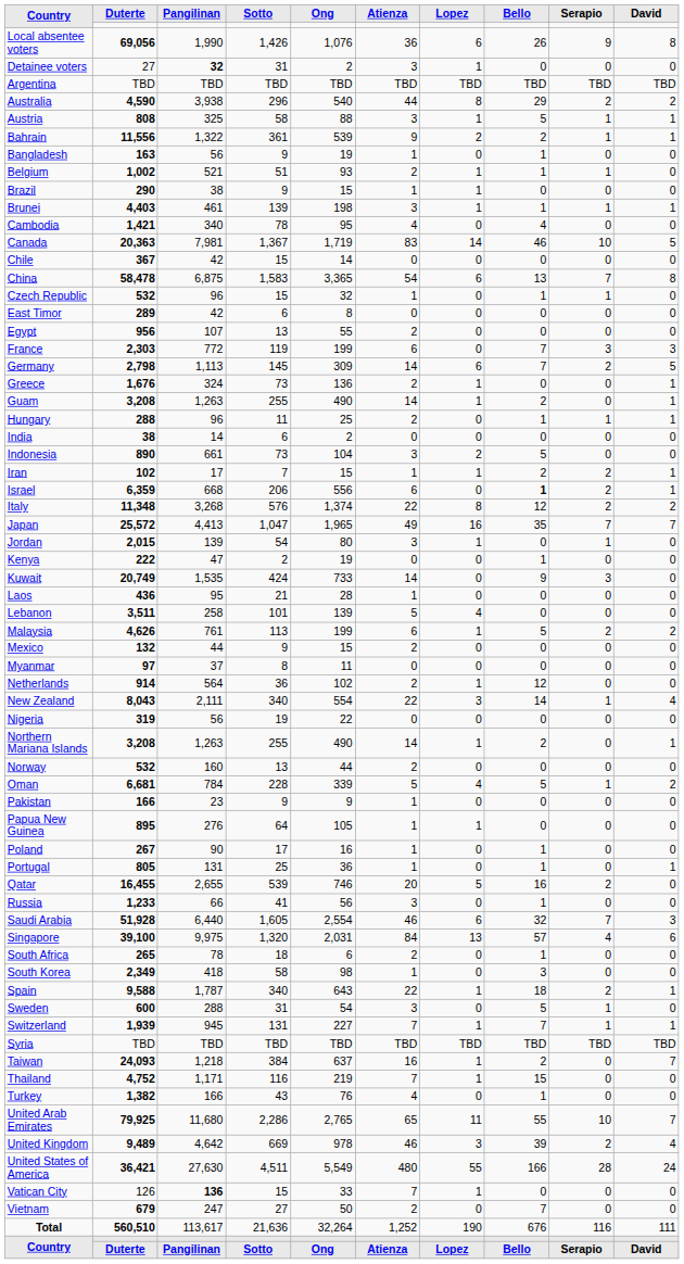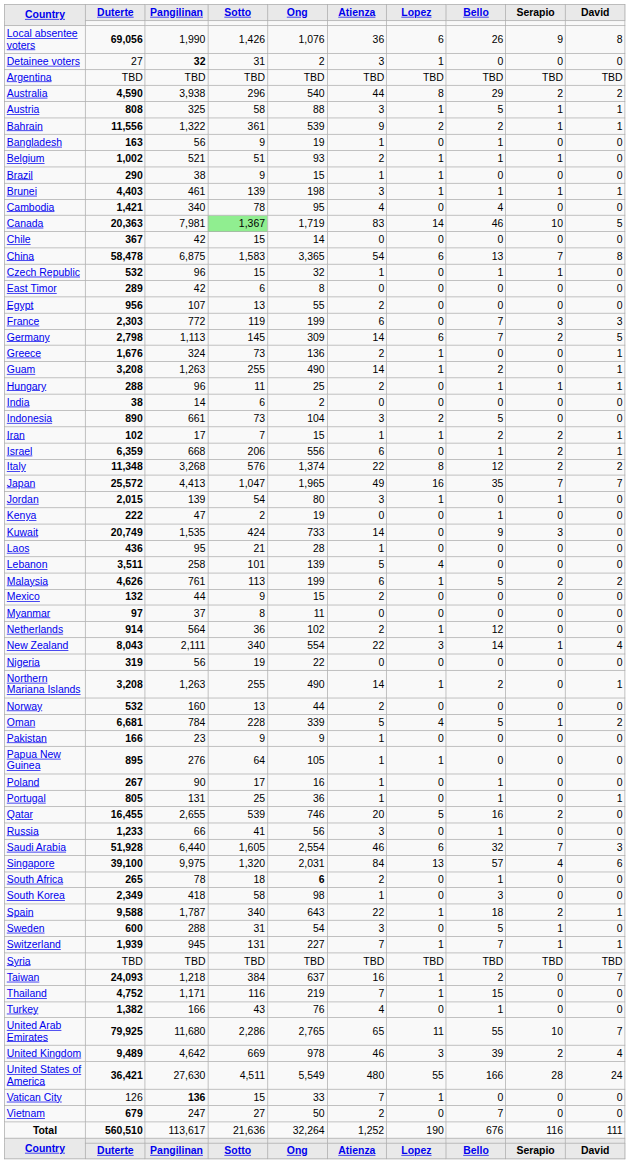 <table class="wikitable" width="99%" style="text-align:right; font-size:92%">
 <tr bgcolor="#cccccc">
 <th rowspan="2" style="background: #E9E9E9" width="12%" align="left"><a href='#'>Country</a></th>
 <th style="background: #E9E9E9" width="8.8%" align="center"><a href='#'>Duterte</a></th>
 <th style="background: #E9E9E9" width="8.8%" align="center"><a href='#'>Pangilinan</a></th>
 <th style="background: #E9E9E9" width="8.8%" align="center"><a href='#'>Sotto</a></th>
 <th style="background: #E9E9E9" width="8.8%" align="center"><a href='#'>Ong</a></th>
 <th style="background: #E9E9E9" width="8.8%" align="center"><a href='#'>Atienza</a></th>
 <th style="background: #E9E9E9" width="8.8%" align="center"><a href='#'>Lopez</a></th>
 <th style="background: #E9E9E9" width="8.8%" align="center"><a href='#'>Bello</a></th>
 <th style="background: #E9E9E9" width="8.8%" align="center">Serapio</th>
 <th style="background: #E9E9E9" width="8.8%" align="center">David</th>
 </tr>
 <tr>
 <td></td>
 <td></td>
 <td></td>
 <td></td>
 <td></td>
 <td></td>
 <td></td>
 <td></td>
 <td></td>
 </tr>
 <tr>
 <td align="left"><a href='#'>Local absentee voters</a></td>
 <td><strong>69,056</strong></td>
 <td>1,990</td>
 <td>1,426</td>
 <td>1,076</td>
 <td>36</td>
 <td>6</td>
 <td>26</td>
 <td>9</td>
 <td>8</td>
 </tr>
 <tr>
 <td align="left"><a href='#'>Detainee voters</a></td>
 <td>27</td>
 <td><strong>32</strong></td>
 <td>31</td>
 <td>2</td>
 <td>3</td>
 <td>1</td>
 <td>0</td>
 <td>0</td>
 <td>0</td>
 </tr>
 <tr>
 <td align="left"><a href='#'>Argentina</a></td>
 <td>TBD</td>
 <td>TBD</td>
 <td>TBD</td>
 <td>TBD</td>
 <td>TBD</td>
 <td>TBD</td>
 <td>TBD</td>
 <td>TBD</td>
 <td>TBD</td>
 </tr>
 <tr>
 <td align="left"><a href='#'>Australia</a></td>
 <td><strong>4,590</strong></td>
 <td>3,938</td>
 <td>296</td>
 <td>540</td>
 <td>44</td>
 <td>8</td>
 <td>29</td>
 <td>2</td>
 <td>2</td>
 </tr>
 <tr>
 <td align="left"><a href='#'>Austria</a></td>
 <td><strong>808</strong></td>
 <td>325</td>
 <td>58</td>
 <td>88</td>
 <td>3</td>
 <td>1</td>
 <td>5</td>
 <td>1</td>
 <td>1</td>
 </tr>
 <tr>
 <td align="left"><a href='#'>Bahrain</a></td>
 <td><strong>11,556</strong></td>
 <td>1,322</td>
 <td>361</td>
 <td>539</td>
 <td>9</td>
 <td>2</td>
 <td>2</td>
 <td>1</td>
 <td>1</td>
 </tr>
 <tr>
 <td align="left"><a href='#'>Bangladesh</a></td>
 <td><strong>163</strong></td>
 <td>56</td>
 <td>9</td>
 <td>19</td>
 <td>1</td>
 <td>0</td>
 <td>1</td>
 <td>0</td>
 <td>0</td>
 </tr>
 <tr>
 <td align="left"><a href='#'>Belgium</a></td>
 <td><strong>1,002</strong></td>
 <td>521</td>
 <td>51</td>
 <td>93</td>
 <td>2</td>
 <td>1</td>
 <td>1</td>
 <td>1</td>
 <td>0</td>
 </tr>
 <tr>
 <td align="left"><a href='#'>Brazil</a></td>
 <td><strong>290</strong></td>
 <td>38</td>
 <td>9</td>
 <td>15</td>
 <td>1</td>
 <td>1</td>
 <td>0</td>
 <td>0</td>
 <td>0</td>
 </tr>
 <tr>
 <td align="left"><a href='#'>Brunei</a></td>
 <td><strong>4,403</strong></td>
 <td>461</td>
 <td>139</td>
 <td>198</td>
 <td>3</td>
 <td>1</td>
 <td>1</td>
 <td>1</td>
 <td>1</td>
 </tr>
 <tr>
 <td align="left"><a href='#'>Cambodia</a></td>
 <td><strong>1,421</strong></td>
 <td>340</td>
 <td>78</td>
 <td>95</td>
 <td>4</td>
 <td>0</td>
 <td>4</td>
 <td>0</td>
 <td>0</td>
 </tr>
 <tr>
 <td align="left"><a href='#'>Canada</a></td>
 <td><strong>20,363</strong></td>
 <td>7,981</td>
-<td>1,367</td>
+<td style="background: lightgreen;">1,367</td>
 <td>1,719</td>
 <td>83</td>
 <td>14</td>
 <td>46</td>
 <td>10</td>
 <td>5</td>
 </tr>
 <tr>
 <td align="left"><a href='#'>Chile</a></td>
 <td><strong>367</strong></td>
 <td>42</td>
 <td>15</td>
 <td>14</td>
 <td>0</td>
 <td>0</td>
 <td>0</td>
 <td>0</td>
 <td>0</td>
 </tr>
 <tr>
 <td align="left"><a href='#'>China</a></td>
 <td><strong>58,478</strong></td>
 <td>6,875</td>
 <td>1,583</td>
 <td>3,365</td>
 <td>54</td>
 <td>6</td>
 <td>13</td>
 <td>7</td>
 <td>8</td>
 </tr>
 <tr>
 <td align="left"><a href='#'>Czech Republic</a></td>
 <td><strong>532</strong></td>
 <td>96</td>
 <td>15</td>
 <td>32</td>
 <td>1</td>
 <td>0</td>
 <td>1</td>
 <td>1</td>
 <td>0</td>
 </tr>
 <tr>
 <td align="left"><a href='#'>East Timor</a></td>
 <td><strong>289</strong></td>
 <td>42</td>
 <td>6</td>
 <td>8</td>
 <td>0</td>
 <td>0</td>
 <td>0</td>
 <td>0</td>
 <td>0</td>
 </tr>
 <tr>
 <td align="left"><a href='#'>Egypt</a></td>
 <td><strong>956</strong></td>
 <td>107</td>
 <td>13</td>
 <td>55</td>
 <td>2</td>
 <td>0</td>
 <td>0</td>
 <td>0</td>
 <td>0</td>
 </tr>
 <tr>
 <td align="left"><a href='#'>France</a></td>
 <td><strong>2,303</strong></td>
 <td>772</td>
 <td>119</td>
 <td>199</td>
 <td>6</td>
 <td>0</td>
 <td>7</td>
 <td>3</td>
 <td>3</td>
 </tr>
 <tr>
 <td align="left"><a href='#'>Germany</a></td>
 <td><strong>2,798</strong></td>
 <td>1,113</td>
 <td>145</td>
 <td>309</td>
 <td>14</td>
 <td>6</td>
 <td>7</td>
 <td>2</td>
 <td>5</td>
 </tr>
 <tr>
 <td align="left"><a href='#'>Greece</a></td>
 <td><strong>1,676</strong></td>
 <td>324</td>
 <td>73</td>
 <td>136</td>
 <td>2</td>
 <td>1</td>
 <td>0</td>
 <td>0</td>
 <td>1</td>
 </tr>
 <tr>
 <td align="left"><a href='#'>Guam</a></td>
 <td><strong>3,208</strong></td>
 <td>1,263</td>
 <td>255</td>
 <td>490</td>
 <td>14</td>
 <td>1</td>
 <td>2</td>
 <td>0</td>
 <td>1</td>
 </tr>
 <tr>
 <td align="left"><a href='#'>Hungary</a></td>
 <td><strong>288</strong></td>
 <td>96</td>
 <td>11</td>
 <td>25</td>
 <td>2</td>
 <td>0</td>
 <td>1</td>
 <td>1</td>
 <td>1</td>
 </tr>
 <tr>
 <td align="left"><a href='#'>India</a></td>
 <td><strong>38</strong></td>
 <td>14</td>
 <td>6</td>
 <td>2</td>
 <td>0</td>
 <td>0</td>
 <td>0</td>
 <td>0</td>
 <td>0</td>
 </tr>
 <tr>
 <td align="left"><a href='#'>Indonesia</a></td>
 <td><strong>890</strong></td>
 <td>661</td>
 <td>73</td>
 <td>104</td>
 <td>3</td>
 <td>2</td>
 <td>5</td>
 <td>0</td>
 <td>0</td>
 </tr>
 <tr>
 <td align="left"><a href='#'>Iran</a></td>
 <td><strong>102</strong></td>
 <td>17</td>
 <td>7</td>
 <td>15</td>
 <td>1</td>
 <td>1</td>
 <td>2</td>
 <td>2</td>
 <td>1</td>
 </tr>
 <tr>
 <td align="left"><a href='#'>Israel</a></td>
 <td><strong>6,359</strong></td>
 <td>668</td>
 <td>206</td>
 <td>556</td>
 <td>6</td>
 <td>0</td>
-<td><strong>1</strong></td>
+<td>1</td>
 <td>2</td>
 <td>1</td>
 </tr>
 <tr>
 <td align="left"><a href='#'>Italy</a></td>
 <td><strong>11,348</strong></td>
 <td>3,268</td>
 <td>576</td>
 <td>1,374</td>
 <td>22</td>
 <td>8</td>
 <td>12</td>
 <td>2</td>
 <td>2</td>
 </tr>
 <tr>
 <td align="left"><a href='#'>Japan</a></td>
 <td><strong>25,572</strong></td>
 <td>4,413</td>
 <td>1,047</td>
 <td>1,965</td>
 <td>49</td>
 <td>16</td>
 <td>35</td>
 <td>7</td>
 <td>7</td>
 </tr>
 <tr>
 <td align="left"><a href='#'>Jordan</a></td>
 <td><strong>2,015</strong></td>
 <td>139</td>
 <td>54</td>
 <td>80</td>
 <td>3</td>
 <td>1</td>
 <td>0</td>
 <td>1</td>
 <td>0</td>
 </tr>
 <tr>
 <td align="left"><a href='#'>Kenya</a></td>
 <td><strong>222</strong></td>
 <td>47</td>
 <td>2</td>
 <td>19</td>
 <td>0</td>
 <td>0</td>
 <td>1</td>
 <td>0</td>
 <td>0</td>
 </tr>
 <tr>
 <td align="left"><a href='#'>Kuwait</a></td>
 <td><strong>20,749</strong></td>
 <td>1,535</td>
 <td>424</td>
 <td>733</td>
 <td>14</td>
 <td>0</td>
 <td>9</td>
 <td>3</td>
 <td>0</td>
 </tr>
 <tr>
 <td align="left"><a href='#'>Laos</a></td>
 <td><strong>436</strong></td>
 <td>95</td>
 <td>21</td>
 <td>28</td>
 <td>1</td>
 <td>0</td>
 <td>0</td>
 <td>0</td>
 <td>0</td>
 </tr>
 <tr>
 <td align="left"><a href='#'>Lebanon</a></td>
 <td><strong>3,511</strong></td>
 <td>258</td>
 <td>101</td>
 <td>139</td>
 <td>5</td>
 <td>4</td>
 <td>0</td>
 <td>0</td>
 <td>0</td>
 </tr>
 <tr>
 <td align="left"><a href='#'>Malaysia</a></td>
 <td><strong>4,626</strong></td>
 <td>761</td>
 <td>113</td>
 <td>199</td>
 <td>6</td>
 <td>1</td>
 <td>5</td>
 <td>2</td>
 <td>2</td>
 </tr>
 <tr>
 <td align="left"><a href='#'>Mexico</a></td>
 <td><strong>132</strong></td>
 <td>44</td>
 <td>9</td>
 <td>15</td>
 <td>2</td>
 <td>0</td>
 <td>0</td>
 <td>0</td>
 <td>0</td>
 </tr>
 <tr>
 <td align="left"><a href='#'>Myanmar</a></td>
 <td><strong>97</strong></td>
 <td>37</td>
 <td>8</td>
 <td>11</td>
 <td>0</td>
 <td>0</td>
 <td>0</td>
 <td>0</td>
 <td>0</td>
 </tr>
 <tr>
 <td align="left"><a href='#'>Netherlands</a></td>
 <td><strong>914</strong></td>
 <td>564</td>
 <td>36</td>
 <td>102</td>
 <td>2</td>
 <td>1</td>
 <td>12</td>
 <td>0</td>
 <td>0</td>
 </tr>
 <tr>
 <td align="left"><a href='#'>New Zealand</a></td>
 <td><strong>8,043</strong></td>
 <td>2,111</td>
 <td>340</td>
 <td>554</td>
 <td>22</td>
 <td>3</td>
 <td>14</td>
 <td>1</td>
 <td>4</td>
 </tr>
 <tr>
 <td align="left"><a href='#'>Nigeria</a></td>
 <td><strong>319</strong></td>
 <td>56</td>
 <td>19</td>
 <td>22</td>
 <td>0</td>
 <td>0</td>
 <td>0</td>
 <td>0</td>
 <td>0</td>
 </tr>
 <tr>
 <td align=left><a href='#'>Northern Mariana Islands</a></td>
 <td><strong>3,208</strong></td>
 <td>1,263</td>
 <td>255</td>
 <td>490</td>
 <td>14</td>
 <td>1</td>
 <td>2</td>
 <td>0</td>
 <td>1</td>
 </tr>
 <tr>
 <td align="left"><a href='#'>Norway</a></td>
 <td><strong>532</strong></td>
 <td>160</td>
 <td>13</td>
 <td>44</td>
 <td>2</td>
 <td>0</td>
 <td>0</td>
 <td>0</td>
 <td>0</td>
 </tr>
 <tr>
 <td align="left"><a href='#'>Oman</a></td>
 <td><strong>6,681</strong></td>
 <td>784</td>
 <td>228</td>
 <td>339</td>
 <td>5</td>
 <td>4</td>
 <td>5</td>
 <td>1</td>
 <td>2</td>
 </tr>
 <tr>
 <td align="left"><a href='#'>Pakistan</a></td>
 <td><strong>166</strong></td>
 <td>23</td>
 <td>9</td>
 <td>9</td>
 <td>1</td>
 <td>0</td>
 <td>0</td>
 <td>0</td>
 <td>0</td>
 </tr>
 <tr>
 <td align="left"><a href='#'>Papua New Guinea</a></td>
 <td><strong>895</strong></td>
 <td>276</td>
 <td>64</td>
 <td>105</td>
 <td>1</td>
 <td>1</td>
 <td>0</td>
 <td>0</td>
 <td>0</td>
 </tr>
 <tr>
 <td align="left"><a href='#'>Poland</a></td>
 <td><strong>267</strong></td>
 <td>90</td>
 <td>17</td>
 <td>16</td>
 <td>1</td>
 <td>0</td>
 <td>1</td>
 <td>0</td>
 <td>0</td>
 </tr>
 <tr>
 <td align=left><a href='#'>Portugal</a></td>
 <td><strong>805</strong></td>
 <td>131</td>
 <td>25</td>
 <td>36</td>
 <td>1</td>
 <td>0</td>
 <td>1</td>
 <td>0</td>
 <td>1</td>
 </tr>
 <tr>
 <td align="left"><a href='#'>Qatar</a></td>
 <td><strong>16,455</strong></td>
 <td>2,655</td>
 <td>539</td>
 <td>746</td>
 <td>20</td>
 <td>5</td>
 <td>16</td>
 <td>2</td>
 <td>0</td>
 </tr>
 <tr>
 <td align="left"><a href='#'>Russia</a></td>
 <td><strong>1,233</strong></td>
 <td>66</td>
 <td>41</td>
 <td>56</td>
 <td>3</td>
 <td>0</td>
 <td>1</td>
 <td>0</td>
 <td>0</td>
 </tr>
 <tr>
 <td align="left"><a href='#'>Saudi Arabia</a></td>
 <td><strong>51,928</strong></td>
 <td>6,440</td>
 <td>1,605</td>
 <td>2,554</td>
 <td>46</td>
 <td>6</td>
 <td>32</td>
 <td>7</td>
 <td>3</td>
 </tr>
 <tr>
 <td align="left"><a href='#'>Singapore</a></td>
 <td><strong>39,100</strong></td>
 <td>9,975</td>
 <td>1,320</td>
 <td>2,031</td>
 <td>84</td>
 <td>13</td>
 <td>57</td>
 <td>4</td>
 <td>6</td>
 </tr>
 <tr>
 <td align="left"><a href='#'>South Africa</a></td>
 <td><strong>265</strong></td>
 <td>78</td>
 <td>18</td>
-<td>6</td>
+<td><strong>6</strong></td>
 <td>2</td>
 <td>0</td>
 <td>1</td>
 <td>0</td>
 <td>0</td>
 </tr>
 <tr>
 <td align="left"><a href='#'>South Korea</a></td>
 <td><strong>2,349</strong></td>
 <td>418</td>
 <td>58</td>
 <td>98</td>
 <td>1</td>
 <td>0</td>
 <td>3</td>
 <td>0</td>
 <td>0</td>
 </tr>
 <tr>
 <td align="left"><a href='#'>Spain</a></td>
 <td><strong>9,588</strong></td>
 <td>1,787</td>
 <td>340</td>
 <td>643</td>
 <td>22</td>
 <td>1</td>
 <td>18</td>
 <td>2</td>
 <td>1</td>
 </tr>
 <tr>
 <td align=left><a href='#'>Sweden</a></td>
 <td><strong>600</strong></td>
 <td>288</td>
 <td>31</td>
 <td>54</td>
 <td>3</td>
 <td>0</td>
 <td>5</td>
 <td>1</td>
 <td>0</td>
 </tr>
 <tr>
 <td align="left"><a href='#'>Switzerland</a></td>
 <td><strong>1,939</strong></td>
 <td>945</td>
 <td>131</td>
 <td>227</td>
 <td>7</td>
 <td>1</td>
 <td>7</td>
 <td>1</td>
 <td>1</td>
 </tr>
 <tr>
 <td align=left><a href='#'>Syria</a></td>
 <td>TBD</td>
 <td>TBD</td>
 <td>TBD</td>
 <td>TBD</td>
 <td>TBD</td>
 <td>TBD</td>
 <td>TBD</td>
 <td>TBD</td>
 <td>TBD</td>
 </tr>
 <tr>
 <td align="left"><a href='#'>Taiwan</a></td>
 <td><strong>24,093</strong></td>
 <td>1,218</td>
 <td>384</td>
 <td>637</td>
 <td>16</td>
 <td>1</td>
 <td>2</td>
 <td>0</td>
 <td>7</td>
 </tr>
 <tr>
 <td align="left"><a href='#'>Thailand</a></td>
 <td><strong>4,752</strong></td>
 <td>1,171</td>
 <td>116</td>
 <td>219</td>
 <td>7</td>
 <td>1</td>
 <td>15</td>
 <td>0</td>
 <td>0</td>
 </tr>
 <tr>
 <td align="left"><a href='#'>Turkey</a></td>
 <td><strong>1,382</strong></td>
 <td>166</td>
 <td>43</td>
 <td>76</td>
 <td>4</td>
 <td>0</td>
 <td>1</td>
 <td>0</td>
 <td>0</td>
 </tr>
 <tr>
 <td align="left"><a href='#'>United Arab Emirates</a></td>
 <td><strong>79,925</strong></td>
 <td>11,680</td>
 <td>2,286</td>
 <td>2,765</td>
 <td>65</td>
 <td>11</td>
 <td>55</td>
 <td>10</td>
 <td>7</td>
 </tr>
 <tr>
 <td align="left"><a href='#'>United Kingdom</a></td>
 <td><strong>9,489</strong></td>
 <td>4,642</td>
 <td>669</td>
 <td>978</td>
 <td>46</td>
 <td>3</td>
 <td>39</td>
 <td>2</td>
 <td>4</td>
 </tr>
 <tr>
 <td align="left"><a href='#'>United States of America</a></td>
 <td><strong>36,421</strong></td>
 <td>27,630</td>
 <td>4,511</td>
 <td>5,549</td>
 <td>480</td>
 <td>55</td>
 <td>166</td>
 <td>28</td>
 <td>24</td>
 </tr>
 <tr>
 <td align="left"><a href='#'>Vatican City</a></td>
 <td>126</td>
 <td><strong>136</strong></td>
 <td>15</td>
 <td>33</td>
 <td>7</td>
 <td>1</td>
 <td>0</td>
 <td>0</td>
 <td>0</td>
 </tr>
 <tr>
 <td align="left"><a href='#'>Vietnam</a></td>
 <td><strong>679</strong></td>
 <td>247</td>
 <td>27</td>
 <td>50</td>
 <td>2</td>
 <td>0</td>
 <td>7</td>
 <td>0</td>
 <td>0</td>
 </tr>
 <tr>
 <td align="center"><strong>Total</strong></td>
 <td><strong>560,510</strong></td>
 <td>113,617</td>
 <td>21,636</td>
 <td>32,264</td>
 <td>1,252</td>
 <td>190</td>
 <td>676</td>
 <td>116</td>
 <td>111</td>
 </tr>
 <tr style="background:#E9E9E9">
 <th rowspan="2" style="background: #E9E9E9" width="12%" align="left"><a href='#'>Country</a></th>
 <td></td>
 <td></td>
 <td></td>
 <td></td>
 <td></td>
 <td></td>
 <td></td>
 <td></td>
 <td></td>
 </tr>
 <tr bgcolor="#cccccc">
 <th style="background: #E9E9E9" width="8.8%" align="center"><a href='#'>Duterte</a></th>
 <th style="background: #E9E9E9" width="8.8%" align="center"><a href='#'>Pangilinan</a></th>
 <th style="background: #E9E9E9" width="8.8%" align="center"><a href='#'>Sotto</a></th>
 <th style="background: #E9E9E9" width="8.8%" align="center"><a href='#'>Ong</a></th>
 <th style="background: #E9E9E9" width="8.8%" align="center"><a href='#'>Atienza</a></th>
 <th style="background: #E9E9E9" width="8.8%" align="center"><a href='#'>Lopez</a></th>
 <th style="background: #E9E9E9" width="8.8%" align="center"><a href='#'>Bello</a></th>
 <th style="background: #E9E9E9" width="8.8%" align="center">Serapio</th>
 <th style="background: #E9E9E9" width="8.8%" align="center">David</th>
 </tr>
 </table>
